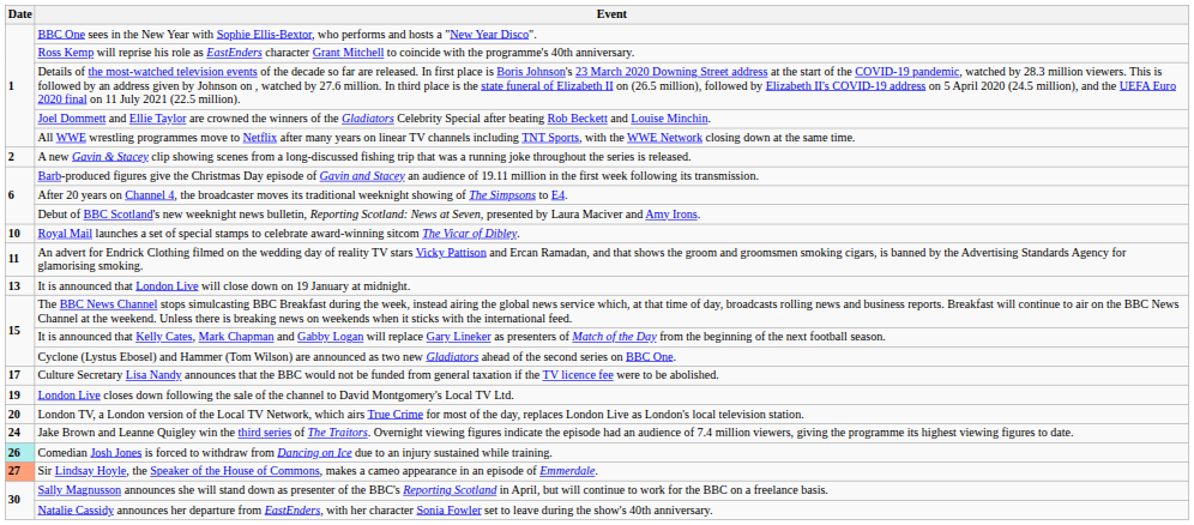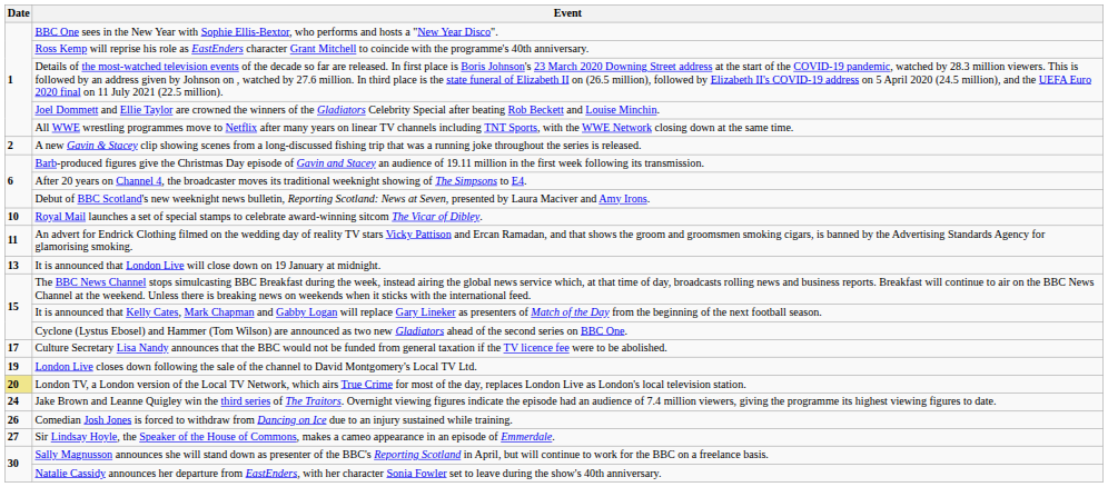 <table class="wikitable sticky-header">
 <tr>
 <th>Date</th>
 <th>Event</th>
 </tr>
 <tr>
 <td rowspan="5"><strong>1</strong></td>
 <td><a href='#'>BBC One</a> sees in the New Year with <a href='#'>Sophie Ellis-Bextor</a>, who performs and hosts a "<a href='#'>New Year Disco</a>".</td>
 </tr>
 <tr>
 <td><a href='#'>Ross Kemp</a> will reprise his role as <em><a href='#'>EastEnders</a></em> character <a href='#'>Grant Mitchell</a> to coincide with the programme's 40th anniversary.</td>
 </tr>
 <tr>
 <td>Details of <a href='#'>the most-watched television events</a> of the decade so far are released. In first place is <a href='#'>Boris Johnson</a>'s <a href='#'>23 March 2020 Downing Street address</a> at the start of the <a href='#'>COVID-19 pandemic</a>, watched by 28.3 million viewers. This is followed by an address given by Johnson on , watched by 27.6 million. In third place is the <a href='#'>state funeral of Elizabeth II</a> on  (26.5 million), followed by <a href='#'>Elizabeth II's COVID-19 address</a> on 5 April 2020 (24.5 million), and the <a href='#'>UEFA Euro 2020 final</a> on 11 July 2021 (22.5 million).</td>
 </tr>
 <tr>
 <td><a href='#'>Joel Dommett</a> and <a href='#'>Ellie Taylor</a> are crowned the winners of the <em><a href='#'>Gladiators</a></em> Celebrity Special after beating <a href='#'>Rob Beckett</a> and <a href='#'>Louise Minchin</a>.</td>
 </tr>
 <tr>
 <td>All <a href='#'>WWE</a> wrestling programmes move to <a href='#'>Netflix</a> after many years on linear TV channels including <a href='#'>TNT Sports</a>, with the <a href='#'>WWE Network</a> closing down at the same time.</td>
 </tr>
 <tr>
 <td><strong>2</strong></td>
 <td>A new <em><a href='#'>Gavin & Stacey</a></em> clip showing scenes from a long-discussed fishing trip that was a running joke throughout the series is released.</td>
 </tr>
 <tr>
 <td rowspan="3"><strong>6</strong></td>
 <td><a href='#'>Barb</a>-produced figures give the Christmas Day episode of <em><a href='#'>Gavin and Stacey</a></em> an audience of 19.11 million in the first week following its transmission.</td>
 </tr>
 <tr>
 <td>After 20 years on <a href='#'>Channel 4</a>, the broadcaster moves its traditional weeknight showing of <em><a href='#'>The Simpsons</a></em> to <a href='#'>E4</a>.</td>
 </tr>
 <tr>
 <td>Debut of <a href='#'>BBC Scotland</a>'s new weeknight news bulletin, <em>Reporting Scotland: News at Seven</em>, presented by Laura Maciver and <a href='#'>Amy Irons</a>.</td>
 </tr>
 <tr>
 <td><strong>10</strong></td>
 <td><a href='#'>Royal Mail</a> launches a set of special stamps to celebrate award-winning sitcom <em><a href='#'>The Vicar of Dibley</a></em>.</td>
 </tr>
 <tr>
 <td><strong>11</strong></td>
 <td>An advert for Endrick Clothing filmed on the wedding day of reality TV stars <a href='#'>Vicky Pattison</a> and Ercan Ramadan, and that shows the groom and groomsmen smoking cigars, is banned by the Advertising Standards Agency for glamorising smoking.</td>
 </tr>
 <tr>
 <td><strong>13</strong></td>
 <td>It is announced that <a href='#'>London Live</a> will close down on 19 January at midnight.</td>
 </tr>
 <tr>
 <td rowspan="3"><strong>15</strong></td>
 <td>The <a href='#'>BBC News Channel</a> stops simulcasting BBC Breakfast during the week, instead airing the global news service which, at that time of day, broadcasts rolling news and business reports. Breakfast will continue to air on the BBC News Channel at the weekend. Unless there is breaking news on weekends when it sticks with the international feed.</td>
 </tr>
 <tr>
 <td>It is announced that <a href='#'>Kelly Cates</a>, <a href='#'>Mark Chapman</a> and <a href='#'>Gabby Logan</a> will replace <a href='#'>Gary Lineker</a> as presenters of <em><a href='#'>Match of the Day</a></em> from the beginning of the next football season.</td>
 </tr>
 <tr>
 <td>Cyclone (Lystus Ebosel) and Hammer (Tom Wilson) are announced as two new <em><a href='#'>Gladiators</a></em> ahead of the second series on <a href='#'>BBC One</a>.</td>
 </tr>
 <tr>
 <td><strong>17</strong></td>
 <td>Culture Secretary <a href='#'>Lisa Nandy</a> announces that the BBC would not be funded from general taxation if the <a href='#'>TV licence fee</a> were to be abolished.</td>
 </tr>
 <tr>
 <td><strong>19</strong></td>
 <td><a href='#'>London Live</a> closes down following the sale of the channel to David Montgomery's Local TV Ltd.</td>
 </tr>
 <tr>
-<td><strong>20</strong></td>
+<td style="background: khaki;"><strong>20</strong></td>
 <td>London TV, a London version of the Local TV Network, which airs <a href='#'>True Crime</a> for most of the day, replaces London Live as London's local television station.</td>
 </tr>
 <tr>
 <td><strong>24</strong></td>
 <td>Jake Brown and Leanne Quigley win the <a href='#'>third series</a> of <em><a href='#'>The Traitors</a></em>. Overnight viewing figures indicate the episode had an audience of 7.4 million viewers, giving the programme its highest viewing figures to date.</td>
 </tr>
 <tr>
-<td style="background: paleturquoise;"><strong>26</strong></td>
+<td><strong>26</strong></td>
 <td>Comedian <a href='#'>Josh Jones</a> is forced to withdraw from <em><a href='#'>Dancing on Ice</a></em> due to an injury sustained while training.</td>
 </tr>
 <tr>
-<td style="background: lightsalmon;"><strong>27</strong></td>
+<td><strong>27</strong></td>
 <td>Sir <a href='#'>Lindsay Hoyle</a>, the <a href='#'>Speaker of the House of Commons</a>, makes a cameo appearance in an episode of <em><a href='#'>Emmerdale</a></em>.</td>
 </tr>
 <tr>
 <td rowspan=2><strong>30</strong></td>
 <td><a href='#'>Sally Magnusson</a> announces she will stand down as presenter of the BBC's <em><a href='#'>Reporting Scotland</a></em> in April, but will continue to work for the BBC on a freelance basis.</td>
 </tr>
 <tr>
 <td><a href='#'>Natalie Cassidy</a> announces her departure from <em><a href='#'>EastEnders</a></em>, with her character <a href='#'>Sonia Fowler</a> set to leave during the show's 40th anniversary.</td>
 </tr>
 </table>
